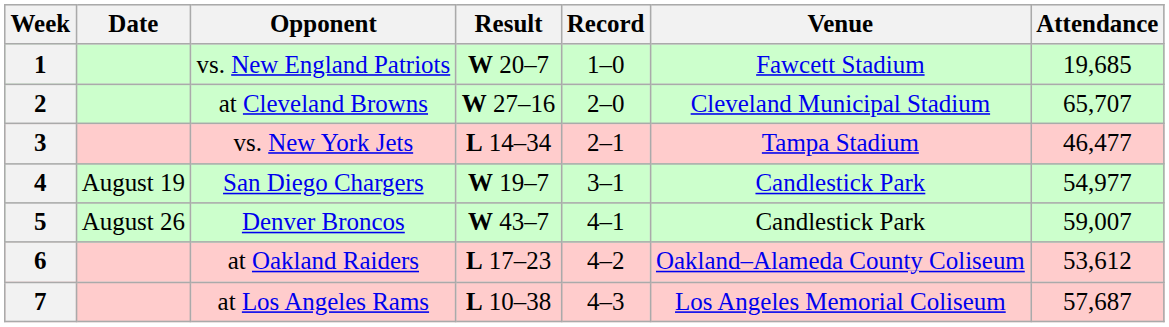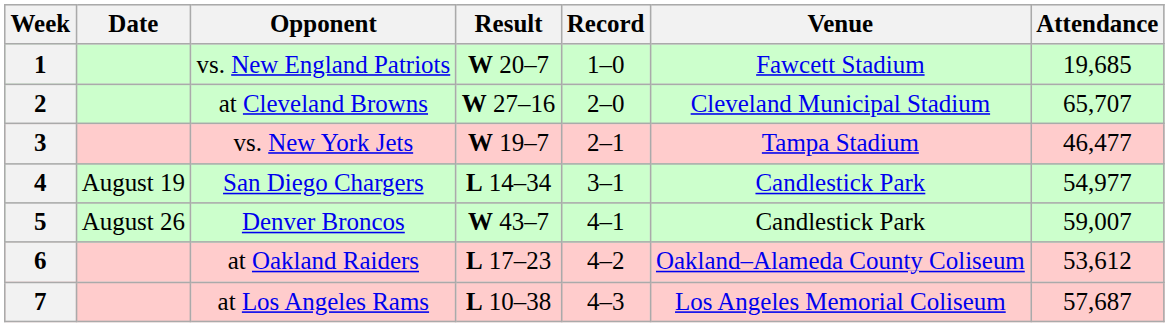 <table class="wikitable" style="text-align:center">
 <tr>
 <th>Week</th>
 <th>Date</th>
 <th>Opponent</th>
 <th>Result</th>
 <th>Record</th>
 <th>Venue</th>
 <th>Attendance</th>
 </tr>
 <tr style="background:#cfc">
 <th>1</th>
 <td></td>
 <td>vs. <a href='#'>New England Patriots</a></td>
 <td><strong>W</strong> 20–7</td>
 <td>1–0</td>
 <td><a href='#'>Fawcett Stadium</a></td>
 <td>19,685</td>
 </tr>
 <tr style="background:#cfc">
 <th>2</th>
 <td></td>
 <td>at <a href='#'>Cleveland Browns</a></td>
 <td><strong>W</strong> 27–16</td>
 <td>2–0</td>
 <td><a href='#'>Cleveland Municipal Stadium</a></td>
 <td>65,707</td>
 </tr>
 <tr style="background:#fcc">
 <th>3</th>
 <td></td>
 <td>vs. <a href='#'>New York Jets</a></td>
-<td><strong>L</strong> 14–34</td>
+<td><strong>W</strong> 19–7</td>
 <td>2–1</td>
 <td><a href='#'>Tampa Stadium</a></td>
 <td>46,477</td>
 </tr>
 <tr style="background:#cfc">
 <th>4</th>
 <td>August 19</td>
 <td><a href='#'>San Diego Chargers</a></td>
-<td><strong>W</strong> 19–7</td>
+<td><strong>L</strong> 14–34</td>
 <td>3–1</td>
 <td><a href='#'>Candlestick Park</a></td>
 <td>54,977</td>
 </tr>
 <tr style="background:#cfc">
 <th>5</th>
 <td>August 26</td>
 <td><a href='#'>Denver Broncos</a></td>
 <td><strong>W</strong> 43–7</td>
 <td>4–1</td>
 <td>Candlestick Park</td>
 <td>59,007</td>
 </tr>
 <tr style="background:#fcc">
 <th>6</th>
 <td></td>
 <td>at <a href='#'>Oakland Raiders</a></td>
 <td><strong>L</strong> 17–23</td>
 <td>4–2</td>
 <td><a href='#'>Oakland–Alameda County Coliseum</a></td>
 <td>53,612</td>
 </tr>
 <tr style="background:#fcc">
 <th>7</th>
 <td></td>
 <td>at <a href='#'>Los Angeles Rams</a></td>
 <td><strong>L</strong> 10–38</td>
 <td>4–3</td>
 <td><a href='#'>Los Angeles Memorial Coliseum</a></td>
 <td>57,687</td>
 </tr>
 </table>
